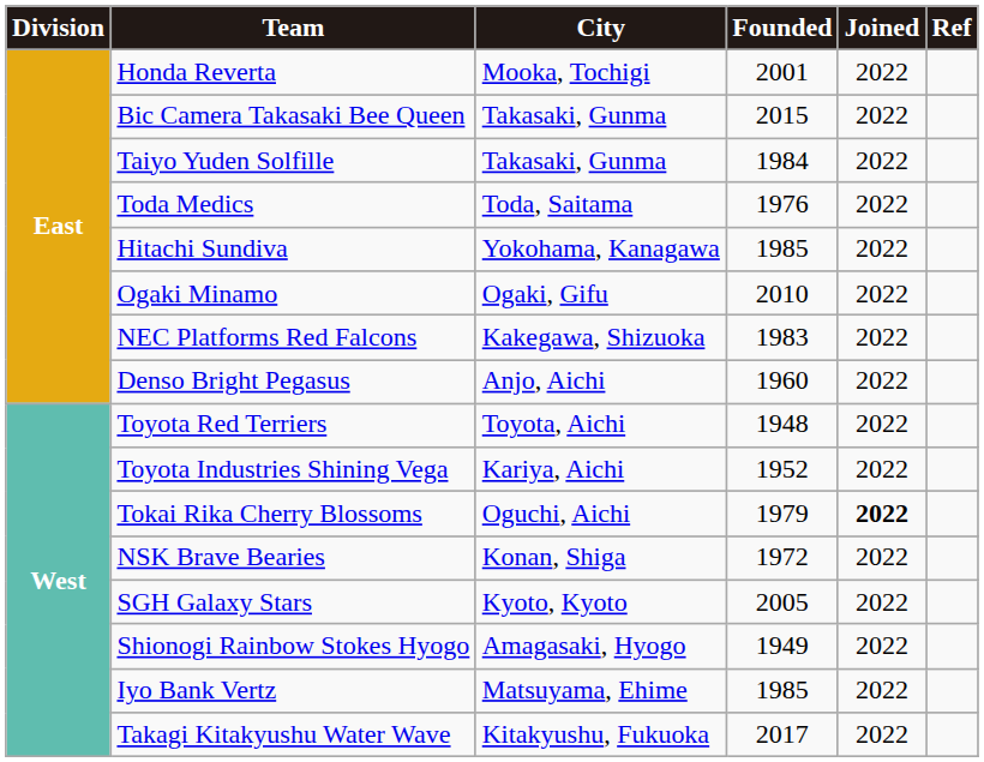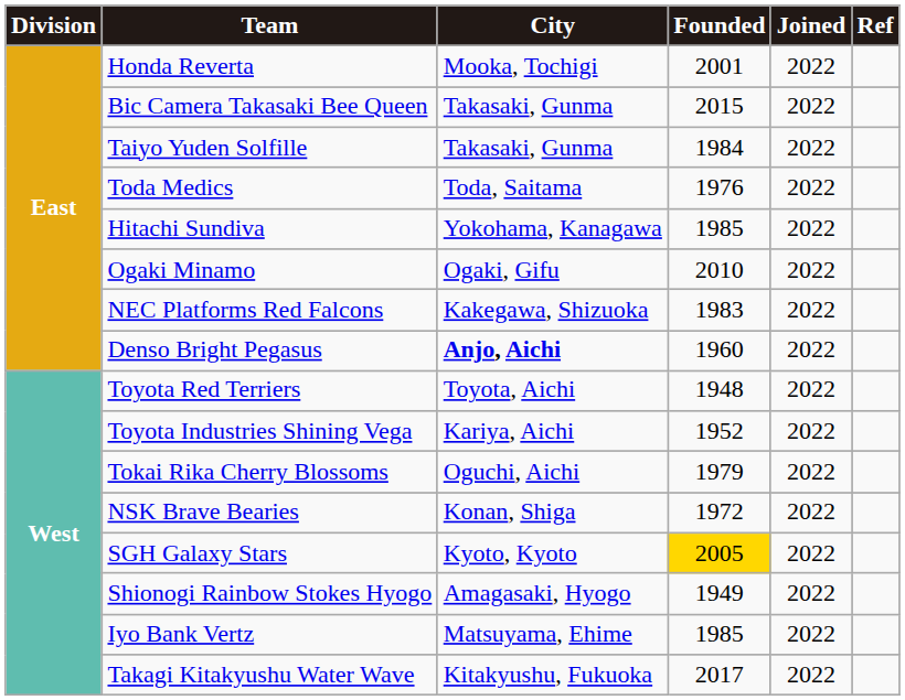 <table class="wikitable" style="font-size:smaller">
 <tr>
 <th style="background-color:#211815; color:#FFFFFF;">Division</th>
 <th style="background-color:#211815; color:#FFFFFF;">Team</th>
 <th style="background-color:#211815; color:#FFFFFF;">City</th>
 <th style="background-color:#211815; color:#FFFFFF;">Founded</th>
 <th style="background-color:#211815; color:#FFFFFF;">Joined</th>
 <th style="background-color:#211815; color:#FFFFFF;">Ref</th>
 </tr>
 <tr>
 <th rowspan="8" style="background-color:#E5AA12; color:#FFFFFF;">East</th>
 <td><a href='#'>Honda Reverta</a></td>
 <td><a href='#'>Mooka</a>, <a href='#'>Tochigi</a></td>
 <td align="center">2001</td>
 <td align="center">2022</td>
 <td align="center"></td>
 </tr>
 <tr>
 <td><a href='#'>Bic Camera Takasaki Bee Queen</a></td>
 <td><a href='#'>Takasaki</a>, <a href='#'>Gunma</a></td>
 <td align="center">2015</td>
 <td align="center">2022</td>
 <td align="center"></td>
 </tr>
 <tr>
 <td><a href='#'>Taiyo Yuden Solfille</a></td>
 <td><a href='#'>Takasaki</a>, <a href='#'>Gunma</a></td>
 <td align="center">1984</td>
 <td align="center">2022</td>
 <td align="center"></td>
 </tr>
 <tr>
 <td><a href='#'>Toda Medics</a></td>
 <td><a href='#'>Toda</a>, <a href='#'>Saitama</a></td>
 <td align="center">1976</td>
 <td align="center">2022</td>
 <td align="center"></td>
 </tr>
 <tr>
 <td><a href='#'>Hitachi Sundiva</a></td>
 <td><a href='#'>Yokohama</a>, <a href='#'>Kanagawa</a></td>
 <td align="center">1985</td>
 <td align="center">2022</td>
 <td align="center"></td>
 </tr>
 <tr>
 <td><a href='#'>Ogaki Minamo</a></td>
 <td><a href='#'>Ogaki</a>, <a href='#'>Gifu</a></td>
 <td align="center">2010</td>
 <td align="center">2022</td>
 <td align="center"></td>
 </tr>
 <tr>
 <td><a href='#'>NEC Platforms Red Falcons</a></td>
 <td><a href='#'>Kakegawa</a>, <a href='#'>Shizuoka</a></td>
 <td align="center">1983</td>
 <td align="center">2022</td>
 <td align="center"></td>
 </tr>
 <tr>
 <td><a href='#'>Denso Bright Pegasus</a></td>
-<td><a href='#'>Anjo</a>, <a href='#'>Aichi</a></td>
+<td><strong><a href='#'>Anjo</a>, <a href='#'>Aichi</a></strong></td>
 <td align="center">1960</td>
 <td align="center">2022</td>
 <td align="center"></td>
 </tr>
 <tr>
 <th rowspan="8" style="background-color:#5FBDAF; color:#FFFFFF;">West</th>
 <td><a href='#'>Toyota Red Terriers</a></td>
 <td><a href='#'>Toyota</a>, <a href='#'>Aichi</a></td>
 <td align="center">1948</td>
 <td align="center">2022</td>
 <td align="center"></td>
 </tr>
 <tr>
 <td><a href='#'>Toyota Industries Shining Vega</a></td>
 <td><a href='#'>Kariya</a>, <a href='#'>Aichi</a></td>
 <td align="center">1952</td>
 <td align="center">2022</td>
 <td align="center"></td>
 </tr>
 <tr>
 <td><a href='#'>Tokai Rika Cherry Blossoms</a></td>
 <td><a href='#'>Oguchi</a>, <a href='#'>Aichi</a></td>
 <td align="center">1979</td>
-<td align="center"><strong>2022</strong></td>
+<td align="center">2022</td>
 <td align="center"></td>
 </tr>
 <tr>
 <td><a href='#'>NSK Brave Bearies</a></td>
 <td><a href='#'>Konan</a>, <a href='#'>Shiga</a></td>
 <td align="center">1972</td>
 <td align="center">2022</td>
 <td align="center"></td>
 </tr>
 <tr>
 <td><a href='#'>SGH Galaxy Stars</a></td>
 <td><a href='#'>Kyoto</a>, <a href='#'>Kyoto</a></td>
-<td align="center">2005</td>
+<td align="center" style="background: gold;">2005</td>
 <td align="center">2022</td>
 <td align="center"></td>
 </tr>
 <tr>
 <td><a href='#'>Shionogi Rainbow Stokes Hyogo</a></td>
 <td><a href='#'>Amagasaki</a>, <a href='#'>Hyogo</a></td>
 <td align="center">1949</td>
 <td align="center">2022</td>
 <td align="center"></td>
 </tr>
 <tr>
 <td><a href='#'>Iyo Bank Vertz</a></td>
 <td><a href='#'>Matsuyama</a>, <a href='#'>Ehime</a></td>
 <td align="center">1985</td>
 <td align="center">2022</td>
 <td align="center"></td>
 </tr>
 <tr>
 <td><a href='#'>Takagi Kitakyushu Water Wave</a></td>
 <td><a href='#'>Kitakyushu</a>, <a href='#'>Fukuoka</a></td>
 <td align="center">2017</td>
 <td align="center">2022</td>
 <td align="center"></td>
 </tr>
 </table>
